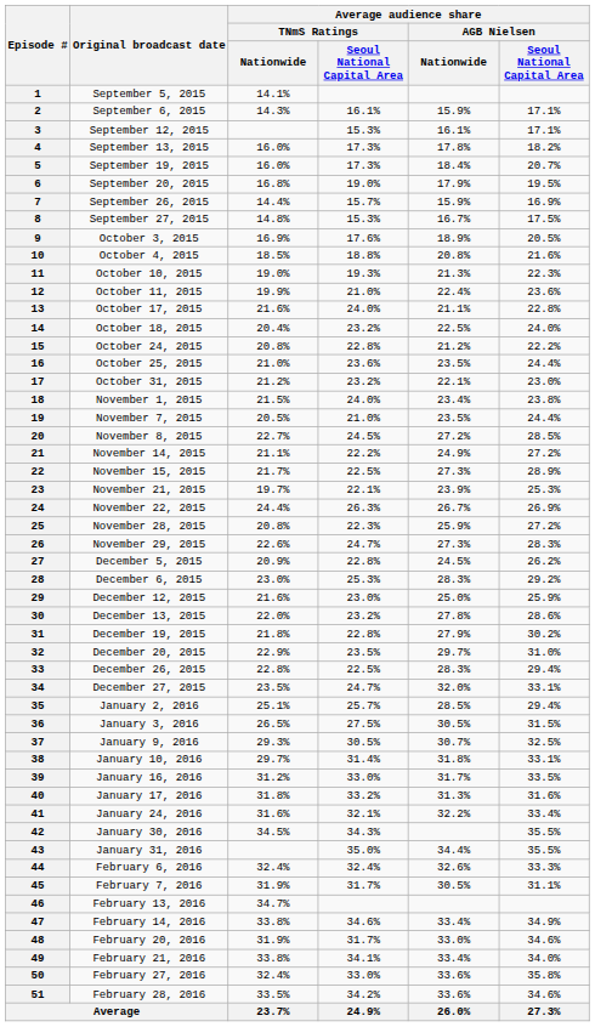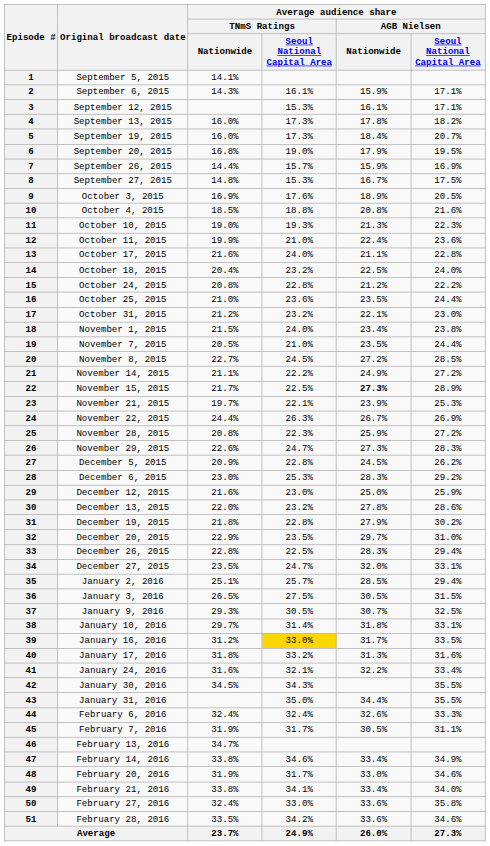 <table class=wikitable style="text-align:center">
 <tr>
 <th rowspan="3">Episode #</th>
 <th rowspan="3">Original broadcast date</th>
 <th colspan="4">Average audience share</th>
 </tr>
 <tr>
 <th colspan="2">TNmS Ratings</th>
 <th colspan="2">AGB Nielsen</th>
 </tr>
 <tr>
 <th width=100>Nationwide</th>
 <th width=100><a href='#'>Seoul National Capital Area</a></th>
 <th width=100>Nationwide</th>
 <th width=100><a href='#'>Seoul National Capital Area</a></th>
 </tr>
 <tr>
 <th>1</th>
 <td>September 5, 2015</td>
 <td>14.1%</td>
 <td></td>
 <td></td>
 <td></td>
 </tr>
 <tr>
 <th>2</th>
 <td>September 6, 2015</td>
 <td>14.3%</td>
 <td>16.1%</td>
 <td>15.9%</td>
 <td>17.1%</td>
 </tr>
 <tr>
 <th>3</th>
 <td>September 12, 2015</td>
 <td></td>
 <td>15.3%</td>
 <td>16.1%</td>
 <td>17.1%</td>
 </tr>
 <tr>
 <th>4</th>
 <td>September 13, 2015</td>
 <td>16.0%</td>
 <td>17.3%</td>
 <td>17.8%</td>
 <td>18.2%</td>
 </tr>
 <tr>
 <th>5</th>
 <td>September 19, 2015</td>
 <td>16.0%</td>
 <td>17.3%</td>
 <td>18.4%</td>
 <td>20.7%</td>
 </tr>
 <tr>
 <th>6</th>
 <td>September 20, 2015</td>
 <td>16.8%</td>
 <td>19.0%</td>
 <td>17.9%</td>
 <td>19.5%</td>
 </tr>
 <tr>
 <th>7</th>
 <td>September 26, 2015</td>
 <td>14.4%</td>
 <td>15.7%</td>
 <td>15.9%</td>
 <td>16.9%</td>
 </tr>
 <tr>
 <th>8</th>
 <td>September 27, 2015</td>
 <td>14.8%</td>
 <td>15.3%</td>
 <td>16.7%</td>
 <td>17.5%</td>
 </tr>
 <tr>
 <th>9</th>
 <td>October 3, 2015</td>
 <td>16.9%</td>
 <td>17.6%</td>
 <td>18.9%</td>
 <td>20.5%</td>
 </tr>
 <tr>
 <th>10</th>
 <td>October 4, 2015</td>
 <td>18.5%</td>
 <td>18.8%</td>
 <td>20.8%</td>
 <td>21.6%</td>
 </tr>
 <tr>
 <th>11</th>
 <td>October 10, 2015</td>
 <td>19.0%</td>
 <td>19.3%</td>
 <td>21.3%</td>
 <td>22.3%</td>
 </tr>
 <tr>
 <th>12</th>
 <td>October 11, 2015</td>
 <td>19.9%</td>
 <td>21.0%</td>
 <td>22.4%</td>
 <td>23.6%</td>
 </tr>
 <tr>
 <th>13</th>
 <td>October 17, 2015</td>
 <td>21.6%</td>
 <td>24.0%</td>
 <td>21.1%</td>
 <td>22.8%</td>
 </tr>
 <tr>
 <th>14</th>
 <td>October 18, 2015</td>
 <td>20.4%</td>
 <td>23.2%</td>
 <td>22.5%</td>
 <td>24.0%</td>
 </tr>
 <tr>
 <th>15</th>
 <td>October 24, 2015</td>
 <td>20.8%</td>
 <td>22.8%</td>
 <td>21.2%</td>
 <td>22.2%</td>
 </tr>
 <tr>
 <th>16</th>
 <td>October 25, 2015</td>
 <td>21.0%</td>
 <td>23.6%</td>
 <td>23.5%</td>
 <td>24.4%</td>
 </tr>
 <tr>
 <th>17</th>
 <td>October 31, 2015</td>
 <td>21.2%</td>
 <td>23.2%</td>
 <td>22.1%</td>
 <td>23.0%</td>
 </tr>
 <tr>
 <th>18</th>
 <td>November 1, 2015</td>
 <td>21.5%</td>
 <td>24.0%</td>
 <td>23.4%</td>
 <td>23.8%</td>
 </tr>
 <tr>
 <th>19</th>
 <td>November 7, 2015</td>
 <td>20.5%</td>
 <td>21.0%</td>
 <td>23.5%</td>
 <td>24.4%</td>
 </tr>
 <tr>
 <th>20</th>
 <td>November 8, 2015</td>
 <td>22.7%</td>
 <td>24.5%</td>
 <td>27.2%</td>
 <td>28.5%</td>
 </tr>
 <tr>
 <th>21</th>
 <td>November 14, 2015</td>
 <td>21.1%</td>
 <td>22.2%</td>
 <td>24.9%</td>
 <td>27.2%</td>
 </tr>
 <tr>
 <th>22</th>
 <td>November 15, 2015</td>
 <td>21.7%</td>
 <td>22.5%</td>
-<td>27.3%</td>
+<td><strong>27.3%</strong></td>
 <td>28.9%</td>
 </tr>
 <tr>
 <th>23</th>
 <td>November 21, 2015</td>
 <td>19.7%</td>
 <td>22.1%</td>
 <td>23.9%</td>
 <td>25.3%</td>
 </tr>
 <tr>
 <th>24</th>
 <td>November 22, 2015</td>
 <td>24.4%</td>
 <td>26.3%</td>
 <td>26.7%</td>
 <td>26.9%</td>
 </tr>
 <tr>
 <th>25</th>
 <td>November 28, 2015</td>
 <td>20.8%</td>
 <td>22.3%</td>
 <td>25.9%</td>
 <td>27.2%</td>
 </tr>
 <tr>
 <th>26</th>
 <td>November 29, 2015</td>
 <td>22.6%</td>
 <td>24.7%</td>
 <td>27.3%</td>
 <td>28.3%</td>
 </tr>
 <tr>
 <th>27</th>
 <td>December 5, 2015</td>
 <td>20.9%</td>
 <td>22.8%</td>
 <td>24.5%</td>
 <td>26.2%</td>
 </tr>
 <tr>
 <th>28</th>
 <td>December 6, 2015</td>
 <td>23.0%</td>
 <td>25.3%</td>
 <td>28.3%</td>
 <td>29.2%</td>
 </tr>
 <tr>
 <th>29</th>
 <td>December 12, 2015</td>
 <td>21.6%</td>
 <td>23.0%</td>
 <td>25.0%</td>
 <td>25.9%</td>
 </tr>
 <tr>
 <th>30</th>
 <td>December 13, 2015</td>
 <td>22.0%</td>
 <td>23.2%</td>
 <td>27.8%</td>
 <td>28.6%</td>
 </tr>
 <tr>
 <th>31</th>
 <td>December 19, 2015</td>
 <td>21.8%</td>
 <td>22.8%</td>
 <td>27.9%</td>
 <td>30.2%</td>
 </tr>
 <tr>
 <th>32</th>
 <td>December 20, 2015</td>
 <td>22.9%</td>
 <td>23.5%</td>
 <td>29.7%</td>
 <td>31.0%</td>
 </tr>
 <tr>
 <th>33</th>
 <td>December 26, 2015</td>
 <td>22.8%</td>
 <td>22.5%</td>
 <td>28.3%</td>
 <td>29.4%</td>
 </tr>
 <tr>
 <th>34</th>
 <td>December 27, 2015</td>
 <td>23.5%</td>
 <td>24.7%</td>
 <td>32.0%</td>
 <td>33.1%</td>
 </tr>
 <tr>
 <th>35</th>
 <td>January 2, 2016</td>
 <td>25.1%</td>
 <td>25.7%</td>
 <td>28.5%</td>
 <td>29.4%</td>
 </tr>
 <tr>
 <th>36</th>
 <td>January 3, 2016</td>
 <td>26.5%</td>
 <td>27.5%</td>
 <td>30.5%</td>
 <td>31.5%</td>
 </tr>
 <tr>
 <th>37</th>
 <td>January 9, 2016</td>
 <td>29.3%</td>
 <td>30.5%</td>
 <td>30.7%</td>
 <td>32.5%</td>
 </tr>
 <tr>
 <th>38</th>
 <td>January 10, 2016</td>
 <td>29.7%</td>
 <td>31.4%</td>
 <td>31.8%</td>
 <td>33.1%</td>
 </tr>
 <tr>
 <th>39</th>
 <td>January 16, 2016</td>
 <td>31.2%</td>
-<td>33.0%</td>
+<td style="background: gold;">33.0%</td>
 <td>31.7%</td>
 <td>33.5%</td>
 </tr>
 <tr>
 <th>40</th>
 <td>January 17, 2016</td>
 <td>31.8%</td>
 <td>33.2%</td>
 <td>31.3%</td>
 <td>31.6%</td>
 </tr>
 <tr>
 <th>41</th>
 <td>January 24, 2016</td>
 <td>31.6%</td>
 <td>32.1%</td>
 <td>32.2%</td>
 <td>33.4%</td>
 </tr>
 <tr>
 <th>42</th>
 <td>January 30, 2016</td>
 <td>34.5%</td>
 <td>34.3%</td>
 <td></td>
 <td>35.5%</td>
 </tr>
 <tr>
 <th>43</th>
 <td>January 31, 2016</td>
 <td></td>
 <td>35.0%</td>
 <td>34.4%</td>
 <td>35.5%</td>
 </tr>
 <tr>
 <th>44</th>
 <td>February 6, 2016</td>
 <td>32.4%</td>
 <td>32.4%</td>
 <td>32.6%</td>
 <td>33.3%</td>
 </tr>
 <tr>
 <th>45</th>
 <td>February 7, 2016</td>
 <td>31.9%</td>
 <td>31.7%</td>
 <td>30.5%</td>
 <td>31.1%</td>
 </tr>
 <tr>
 <th>46</th>
 <td>February 13, 2016</td>
 <td>34.7%</td>
 <td></td>
 <td></td>
 <td></td>
 </tr>
 <tr>
 <th>47</th>
 <td>February 14, 2016</td>
 <td>33.8%</td>
 <td>34.6%</td>
 <td>33.4%</td>
 <td>34.9%</td>
 </tr>
 <tr>
 <th>48</th>
 <td>February 20, 2016</td>
 <td>31.9%</td>
 <td>31.7%</td>
 <td>33.0%</td>
 <td>34.6%</td>
 </tr>
 <tr>
 <th>49</th>
 <td>February 21, 2016</td>
 <td>33.8%</td>
 <td>34.1%</td>
 <td>33.4%</td>
 <td>34.0%</td>
 </tr>
 <tr>
 <th>50</th>
 <td>February 27, 2016</td>
 <td>32.4%</td>
 <td>33.0%</td>
 <td>33.6%</td>
 <td>35.8%</td>
 </tr>
 <tr>
 <th>51</th>
 <td>February 28, 2016</td>
 <td>33.5%</td>
 <td>34.2%</td>
 <td>33.6%</td>
 <td>34.6%</td>
 </tr>
 <tr>
 <th colspan=2>Average</th>
 <th>23.7%</th>
 <th>24.9%</th>
 <th>26.0%</th>
 <th>27.3%</th>
 </tr>
 </table>
